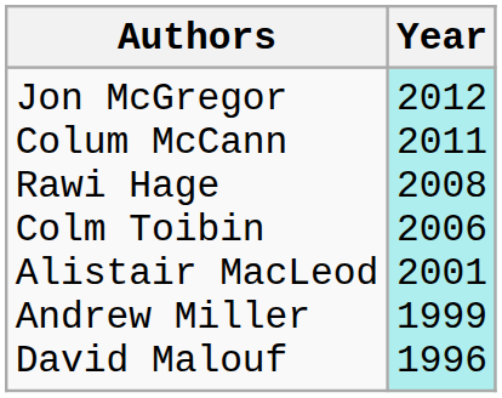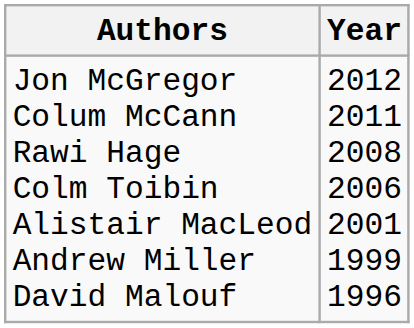 <table class="wikitable">
 <tr>
 <th>Authors</th>
 <th>Year</th>
 </tr>
 <tr>
 <td>Jon McGregor<br>Colum McCann<br>Rawi Hage<br>Colm Toibin<br>Alistair MacLeod<br>Andrew Miller<br>David Malouf</td>
-<td style="background: paleturquoise;">2012<br>2011<br>2008<br>2006<br>2001<br>1999<br>1996</td>
+<td>2012<br>2011<br>2008<br>2006<br>2001<br>1999<br>1996</td>
 </tr>
 </table>
